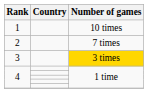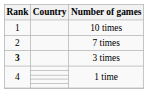 <table class="wikitable" style="text-align:center; font-size:90%;">
 <tr>
 <th>Rank</th>
 <th>Country</th>
 <th>Number of games</th>
 </tr>
 <tr>
 <td>1</td>
 <td style="text-align:left;"></td>
 <td>10 times</td>
 </tr>
 <tr>
 <td>2</td>
 <td style="text-align:left;"></td>
 <td>7 times</td>
 </tr>
 <tr>
-<td>3</td>
+<td><strong>3</strong></td>
 <td style="text-align:left;"></td>
-<td style="background: gold;">3 times</td>
+<td>3 times</td>
 </tr>
 <tr>
 <td rowspan=5>4</td>
 <td style="text-align:left;"></td>
 <td rowspan=5>1 time</td>
 </tr>
 <tr>
 <td style="text-align:left;"></td>
 </tr>
 <tr>
 <td style="text-align:left;"></td>
 </tr>
 <tr>
 <td style="text-align:left;"></td>
 </tr>
 <tr>
 <td style="text-align:left;"></td>
 </tr>
 <tr>
 </tr>
 </table>
